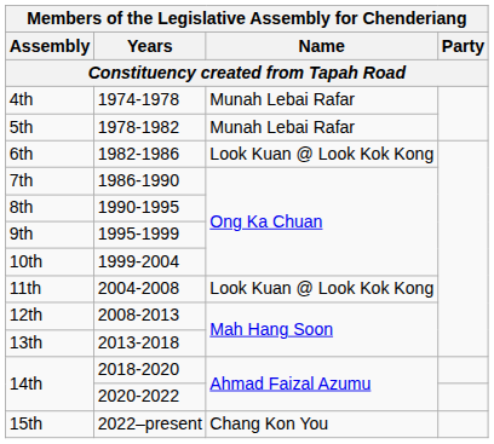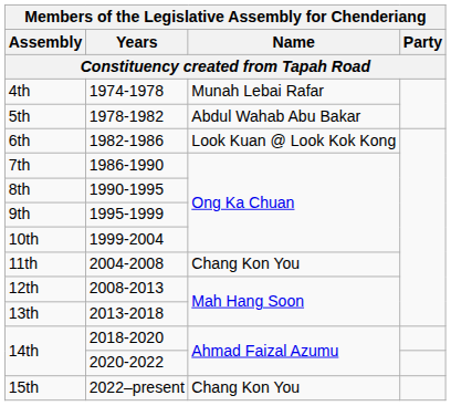 <table class="wikitable">
 <tr>
 <th colspan="4">Members of the Legislative Assembly for Chenderiang</th>
 </tr>
 <tr>
 <th>Assembly</th>
 <th>Years</th>
 <th>Name</th>
 <th>Party</th>
 </tr>
 <tr>
 <th colspan="4"><em>Constituency created from Tapah Road</em></th>
 </tr>
 <tr>
 <td>4th</td>
 <td>1974-1978</td>
 <td>Munah Lebai Rafar</td>
 <td rowspan="2"></td>
 </tr>
 <tr>
 <td>5th</td>
 <td>1978-1982</td>
-<td>Munah Lebai Rafar</td>
+<td>Abdul Wahab Abu Bakar</td>
 </tr>
 <tr>
 <td>6th</td>
 <td>1982-1986</td>
 <td>Look Kuan @ Look Kok Kong</td>
 <td rowspan="8"></td>
 </tr>
 <tr>
 <td>7th</td>
 <td>1986-1990</td>
 <td rowspan="4"><a href='#'>Ong Ka Chuan</a></td>
 </tr>
 <tr>
 <td>8th</td>
 <td>1990-1995</td>
 </tr>
 <tr>
 <td>9th</td>
 <td>1995-1999</td>
 </tr>
 <tr>
 <td>10th</td>
 <td>1999-2004</td>
 </tr>
 <tr>
 <td>11th</td>
 <td>2004-2008</td>
-<td>Look Kuan @ Look Kok Kong</td>
+<td>Chang Kon You</td>
 </tr>
 <tr>
 <td>12th</td>
 <td>2008-2013</td>
 <td rowspan="2"><a href='#'>Mah Hang Soon</a></td>
 </tr>
 <tr>
 <td>13th</td>
 <td>2013-2018</td>
 </tr>
 <tr>
 <td rowspan="2">14th</td>
 <td>2018-2020</td>
 <td rowspan="2"><a href='#'>Ahmad Faizal Azumu</a></td>
 <td></td>
 </tr>
 <tr>
 <td>2020-2022</td>
 <td></td>
 </tr>
 <tr>
 <td>15th</td>
 <td>2022–present</td>
 <td>Chang Kon You</td>
 <td></td>
 </tr>
 </table>
